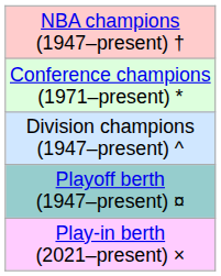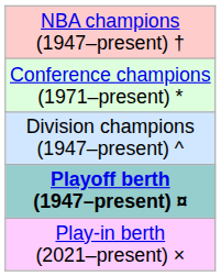 <table class="wikitable" align="right">
 <tr>
 <td align="center" bgcolor="FFCCCC"><a href='#'>NBA champions</a><br>(1947–present) †</td>
 </tr>
 <tr>
 <td align="center" bgcolor="DDFFDD"><a href='#'>Conference champions</a><br>(1971–present) *</td>
 </tr>
 <tr>
 <td align="center" bgcolor="D0E7FF">Division champions<br>(1947–present) ^</td>
 </tr>
 <tr>
-<td align="center" bgcolor="96CDCD"><a href='#'>Playoff berth</a><br>(1947–present) ¤</td>
+<td align="center" bgcolor="96CDCD"><strong><a href='#'>Playoff berth</a><br>(1947–present) ¤</strong></td>
 </tr>
 <tr>
 <td align="center" bgcolor="FFCCFF"><a href='#'>Play-in berth</a><br>(2021–present) ×</td>
 </tr>
 </table>
